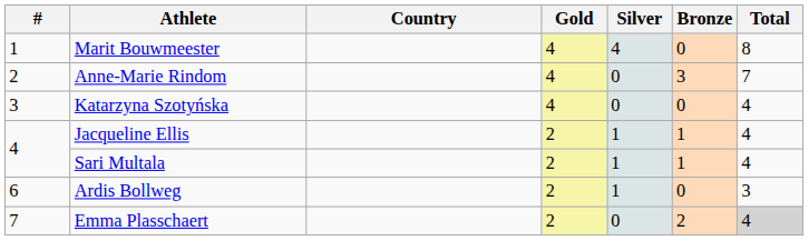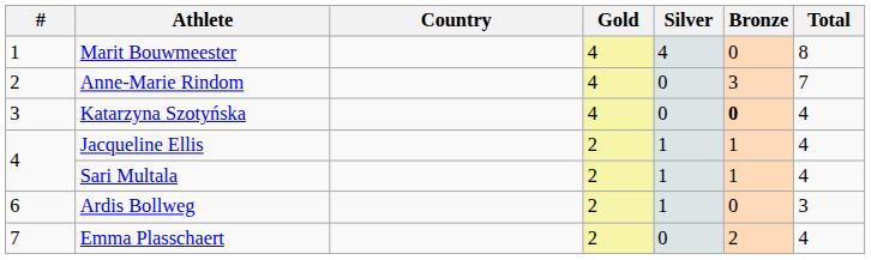 <table class="wikitable">
 <tr>
 <th width=50>#</th>
 <th width=200>Athlete</th>
 <th width=200>Country</th>
 <th width=50>Gold</th>
 <th width=50>Silver</th>
 <th width=50>Bronze</th>
 <th width=50>Total</th>
 </tr>
 <tr>
 <td>1</td>
 <td style="text-align:left;"><a href='#'>Marit Bouwmeester</a></td>
 <td style="text-align:left;"></td>
 <td style="background:#F7F6A8;">4</td>
 <td style="background:#DCE5E5;">4</td>
 <td style="background:#FFDAB9;">0</td>
 <td>8</td>
 </tr>
 <tr>
 <td>2</td>
 <td style="text-align:left;"><a href='#'>Anne-Marie Rindom</a></td>
 <td style="text-align:left;"></td>
 <td style="background:#F7F6A8;">4</td>
 <td style="background:#DCE5E5;">0</td>
 <td style="background:#FFDAB9;">3</td>
 <td>7</td>
 </tr>
 <tr>
 <td>3</td>
 <td style="text-align:left;"><a href='#'>Katarzyna Szotyńska</a></td>
 <td style="text-align:left;"></td>
 <td style="background:#F7F6A8;">4</td>
 <td style="background:#DCE5E5;">0</td>
-<td style="background:#FFDAB9;">0</td>
+<td style="background:#FFDAB9;"><strong>0</strong></td>
 <td>4</td>
 </tr>
 <tr>
 <td rowspan="2">4</td>
 <td style="text-align:left;"><a href='#'>Jacqueline Ellis</a></td>
 <td style="text-align:left;"></td>
 <td style="background:#F7F6A8;">2</td>
 <td style="background:#DCE5E5;">1</td>
 <td style="background:#FFDAB9;">1</td>
 <td>4</td>
 </tr>
 <tr>
 <td style="text-align:left;"><a href='#'>Sari Multala</a></td>
 <td style="text-align:left;"></td>
 <td style="background:#F7F6A8;">2</td>
 <td style="background:#DCE5E5;">1</td>
 <td style="background:#FFDAB9;">1</td>
 <td>4</td>
 </tr>
 <tr>
 <td>6</td>
 <td style="text-align:left;"><a href='#'>Ardis Bollweg</a></td>
 <td style="text-align:left;"></td>
 <td style="background:#F7F6A8;">2</td>
 <td style="background:#DCE5E5;">1</td>
 <td style="background:#FFDAB9;">0</td>
 <td>3</td>
 </tr>
 <tr>
 <td>7</td>
 <td style="text-align:left;"><a href='#'>Emma Plasschaert</a></td>
 <td style="text-align:left;"></td>
 <td style="background:#F7F6A8;">2</td>
 <td style="background:#DCE5E5;">0</td>
 <td style="background:#FFDAB9;">2</td>
-<td style="background: lightgrey;">4</td>
+<td>4</td>
 </tr>
 </table>
